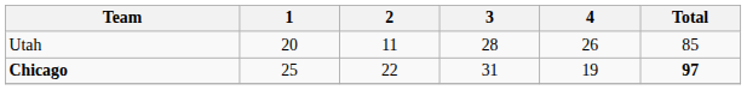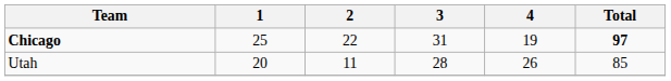 <table class="wikitable">
 <tr style="text-align:center;">
 <th align=left width=14%>Team</th>
 <th width=6%>1</th>
 <th width=6%>2</th>
 <th width=6%>3</th>
 <th width=6%>4</th>
 <th width=6%>Total</th>
 </tr>
 <tr style="text-align:center;">
+<td align=left><strong>Chicago</strong></td>
+<td>25</td>
+<td>22</td>
+<td>31</td>
+<td>19</td>
+<td><strong>97</strong></td>
+</tr>
+<tr style="text-align:center;">
 <td align=left>Utah</td>
 <td>20</td>
 <td>11</td>
 <td>28</td>
 <td>26</td>
 <td>85</td>
 </tr>
 <tr style="text-align:center;">
-<td align=left><strong>Chicago</strong></td>
-<td>25</td>
-<td>22</td>
-<td>31</td>
-<td>19</td>
-<td><strong>97</strong></td>
-</tr>
-<tr style="text-align:center;">
 </tr>
 </table>
